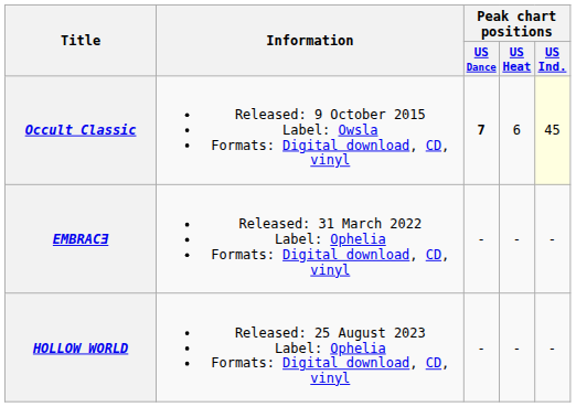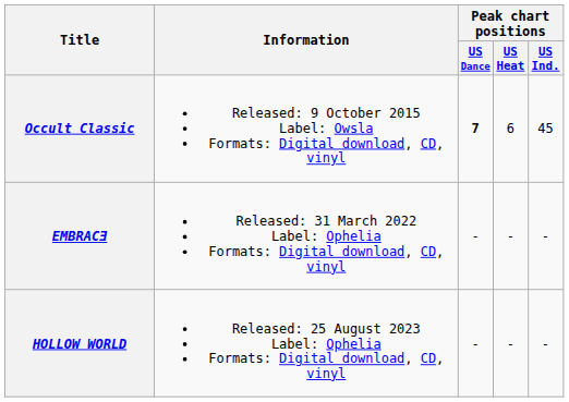 <table class="wikitable plainrowheaders" style="text-align:center;">
 <tr>
 <th scope="col" style="width:11em;" rowspan="2">Title</th>
 <th scope="col" style="width:22.8em;" rowspan="2">Information</th>
 <th scope="col" colspan="4">Peak chart positions</th>
 </tr>
 <tr>
 <th scope="col" style="width:2.5em;font-size:90%;"><a href='#'>US</a><br><small><a href='#'>Dance</a></small><br></th>
 <th scope="col" style="width:2.5em;font-size:90%;"><a href='#'>US</a><br><a href='#'>Heat</a><br></th>
 <th scope="col" style="width:2.5em;font-size:90%;"><a href='#'>US</a><br><a href='#'>Ind.</a><br></th>
 </tr>
 <tr>
 <th scope="row"><em><a href='#'>Occult Classic</a></em></th>
 <td><br><ul><li>Released: 9 October 2015</li><li>Label: <a href='#'>Owsla</a></li><li>Formats: <a href='#'>Digital download</a>, <a href='#'>CD</a>, <a href='#'>vinyl</a></li></ul></td>
 <td><strong>7</strong></td>
 <td>6</td>
-<td style="background: lightyellow;">45</td>
+<td>45</td>
 </tr>
 <tr>
 <th scope="row"><em><a href='#'>EMBRACƎ</a></em></th>
 <td><br><ul><li>Released: 31 March 2022</li><li>Label: <a href='#'>Ophelia</a></li><li>Formats: <a href='#'>Digital download</a>, <a href='#'>CD</a>, <a href='#'>vinyl</a></li></ul></td>
 <td>-</td>
 <td>-</td>
 <td>-</td>
 </tr>
 <tr>
 <th scope="row"><em><a href='#'>HOLLOW WORLD</a></em></th>
 <td><br><ul><li>Released: 25 August 2023</li><li>Label: <a href='#'>Ophelia</a></li><li>Formats: <a href='#'>Digital download</a>, <a href='#'>CD</a>, <a href='#'>vinyl</a></li></ul></td>
 <td>-</td>
 <td>-</td>
 <td>-</td>
 </tr>
 </table>
